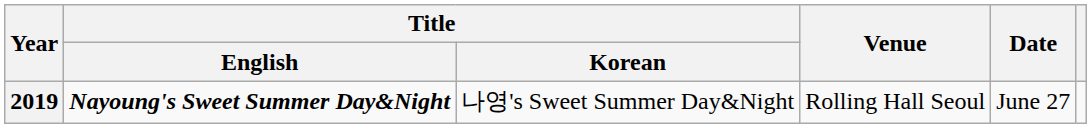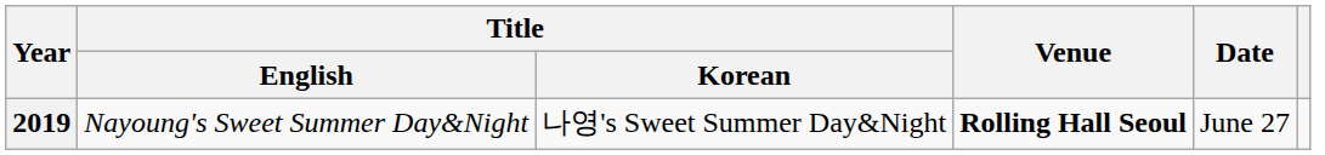 <table class="wikitable plainrowheaders">
 <tr>
 <th rowspan="2">Year</th>
 <th colspan="2">Title</th>
 <th rowspan="2">Venue</th>
 <th rowspan="2">Date</th>
 <th rowspan="2" class="unsortable"></th>
 </tr>
 <tr>
 <th>English</th>
 <th>Korean</th>
 </tr>
 <tr>
 <th scope="row">2019</th>
-<td><strong><em>Nayoung's Sweet Summer Day&Night</em></strong></td>
+<td><em>Nayoung's Sweet Summer Day&Night</em></td>
 <td>나영's Sweet Summer Day&Night</td>
-<td>Rolling Hall Seoul</td>
+<td><strong>Rolling Hall Seoul</strong></td>
 <td>June 27</td>
 <td style="text-align:center"></td>
 </tr>
 </table>
